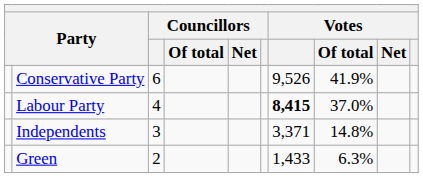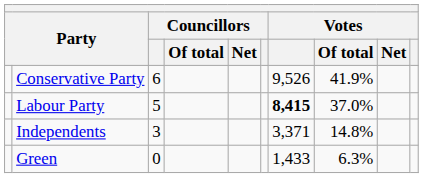 <table class="wikitable sortable" style="text-align:center;">
 <tr>
 <th colspan="10"></th>
 </tr>
 <tr>
 <th colspan="2" rowspan="2">Party</th>
 <th colspan="4">Councillors</th>
 <th colspan="4">Votes</th>
 </tr>
 <tr>
 <th></th>
 <th>Of total</th>
 <th>Net</th>
 <th class="unsortable"></th>
 <th></th>
 <th>Of total</th>
 <th>Net</th>
 <th class="unsortable"></th>
 </tr>
 <tr>
 <td style="background:"></td>
 <td style="text-align:left;"><a href='#'>Conservative Party</a></td>
 <td style="text-align:right;">6</td>
 <td style="text-align:right;"></td>
 <td style="text-align:right;"></td>
 <td data-sort-value=""></td>
 <td style="text-align:right;">9,526</td>
 <td style="text-align:right;">41.9%</td>
 <td style="text-align:right;"></td>
 <td></td>
 </tr>
 <tr>
 <td style="background:"></td>
 <td style="text-align:left;"><a href='#'>Labour Party</a></td>
-<td style="text-align:right;">4</td>
+<td style="text-align:right;">5</td>
 <td style="text-align:right;"></td>
 <td style="text-align:right;"></td>
 <td data-sort-value=""></td>
 <td style="text-align:right;"><strong>8,415</strong></td>
 <td style="text-align:right;">37.0%</td>
 <td style="text-align:right;"></td>
 <td></td>
 </tr>
 <tr>
 <td style="background:"></td>
 <td style="text-align:left;"><a href='#'>Independents</a></td>
 <td style="text-align:right;">3</td>
 <td style="text-align:right;"></td>
 <td style="text-align:right;"></td>
 <td data-sort-value=""></td>
 <td style="text-align:right;">3,371</td>
 <td style="text-align:right;">14.8%</td>
 <td style="text-align:right;"></td>
 <td></td>
 </tr>
 <tr>
 <td style="background:"></td>
 <td style="text-align:left;"><a href='#'>Green</a></td>
-<td style="text-align:right;">2</td>
+<td style="text-align:right;">0</td>
 <td style="text-align:right;"></td>
 <td style="text-align:right;"></td>
 <td data-sort-value=""></td>
 <td style="text-align:right;">1,433</td>
 <td style="text-align:right;">6.3%</td>
 <td style="text-align:right;"></td>
 <td></td>
 </tr>
 </table>
